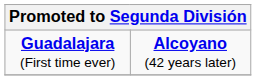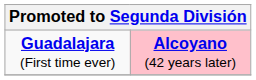 <table class="wikitable" style="text-align: center; margin: 0 auto;">
 <tr>
 <th colspan="2">Promoted to <a href='#'>Segunda División</a></th>
 </tr>
 <tr>
 <td><strong><a href='#'>Guadalajara</a></strong><br><small>(First time ever)</small></td>
-<td><strong><a href='#'>Alcoyano</a></strong><br><small>(42 years later)</small></td>
+<td style="background: pink;"><strong><a href='#'>Alcoyano</a></strong><br><small>(42 years later)</small></td>
 </tr>
 <tr>
 </tr>
 </table>
